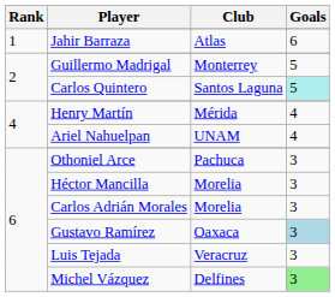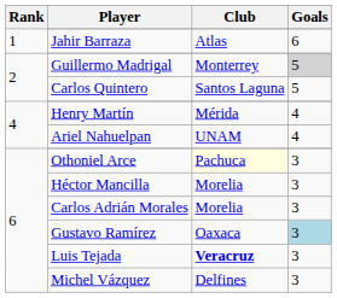 <table class="wikitable">
 <tr>
 <th>Rank</th>
 <th>Player</th>
 <th>Club</th>
 <th>Goals</th>
 </tr>
 <tr>
 <td rowspan=2>1</td>
 </tr>
 <tr>
 <td> <a href='#'>Jahir Barraza</a></td>
 <td><a href='#'>Atlas</a></td>
 <td>6</td>
 </tr>
 <tr>
 <td rowspan=3>2</td>
 </tr>
 <tr>
 <td> <a href='#'>Guillermo Madrigal</a></td>
 <td><a href='#'>Monterrey</a></td>
-<td>5</td>
+<td style="background: lightgrey;">5</td>
 </tr>
 <tr>
 <td> <a href='#'>Carlos Quintero</a></td>
 <td><a href='#'>Santos Laguna</a></td>
-<td style="background: paleturquoise;">5</td>
+<td>5</td>
 </tr>
 <tr>
 <td rowspan=3>4</td>
 </tr>
 <tr>
 <td> <a href='#'>Henry Martín</a></td>
 <td><a href='#'>Mérida</a></td>
 <td>4</td>
 </tr>
 <tr>
 <td> <a href='#'>Ariel Nahuelpan</a></td>
 <td><a href='#'>UNAM</a></td>
 <td>4</td>
 </tr>
 <tr>
 <td rowspan=7>6</td>
 </tr>
 <tr>
 <td> <a href='#'>Othoniel Arce</a></td>
-<td><a href='#'>Pachuca</a></td>
+<td style="background: lightyellow;"><a href='#'>Pachuca</a></td>
 <td>3</td>
 </tr>
 <tr>
 <td> <a href='#'>Héctor Mancilla</a></td>
 <td><a href='#'>Morelia</a></td>
 <td>3</td>
 </tr>
 <tr>
 <td> <a href='#'>Carlos Adrián Morales</a></td>
 <td><a href='#'>Morelia</a></td>
 <td>3</td>
 </tr>
 <tr>
 <td> <a href='#'>Gustavo Ramírez</a></td>
 <td><a href='#'>Oaxaca</a></td>
 <td style="background: lightblue;">3</td>
 </tr>
 <tr>
 <td> <a href='#'>Luis Tejada</a></td>
-<td><a href='#'>Veracruz</a></td>
+<td><strong><a href='#'>Veracruz</a></strong></td>
 <td>3</td>
 </tr>
 <tr>
 <td> <a href='#'>Michel Vázquez</a></td>
 <td><a href='#'>Delfines</a></td>
-<td style="background: lightgreen;">3</td>
+<td>3</td>
 </tr>
 </table>
